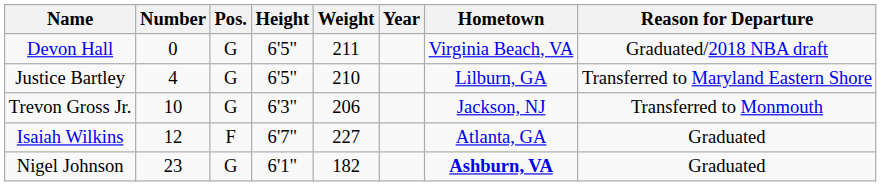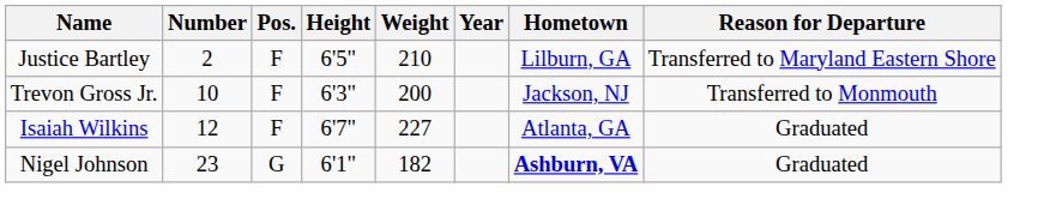 <table class="wikitable sortable sortable" style="text-align: center">
 <tr align=center>
 <th>Name</th>
 <th>Number</th>
 <th>Pos.</th>
 <th>Height</th>
 <th>Weight</th>
 <th>Year</th>
 <th>Hometown</th>
 <th>Reason for Departure</th>
 </tr>
 <tr>
-<td><a href='#'>Devon Hall</a></td>
-<td>0</td>
-<td>G</td>
-<td>6'5"</td>
-<td>211</td>
-<td></td>
-<td><a href='#'>Virginia Beach, VA</a></td>
-<td>Graduated/<a href='#'>2018 NBA draft</a></td>
-</tr>
-<tr>
 <td>Justice Bartley</td>
-<td>4</td>
-<td>G</td>
+<td>2</td>
+<td>F</td>
 <td>6'5"</td>
 <td>210</td>
 <td></td>
 <td><a href='#'>Lilburn, GA</a></td>
 <td>Transferred to <a href='#'>Maryland Eastern Shore</a></td>
 </tr>
 <tr>
 <td>Trevon Gross Jr.</td>
 <td>10</td>
-<td>G</td>
+<td>F</td>
 <td>6'3"</td>
-<td>206</td>
+<td>200</td>
 <td></td>
 <td><a href='#'>Jackson, NJ</a></td>
 <td>Transferred to <a href='#'>Monmouth</a></td>
 </tr>
 <tr>
 <td><a href='#'>Isaiah Wilkins</a></td>
 <td>12</td>
 <td>F</td>
 <td>6'7"</td>
 <td>227</td>
 <td></td>
 <td><a href='#'>Atlanta, GA</a></td>
 <td>Graduated</td>
 </tr>
 <tr>
 <td>Nigel Johnson</td>
 <td>23</td>
 <td>G</td>
 <td>6'1"</td>
 <td>182</td>
 <td></td>
 <td><strong><a href='#'>Ashburn, VA</a></strong></td>
 <td>Graduated</td>
 </tr>
 </table>
